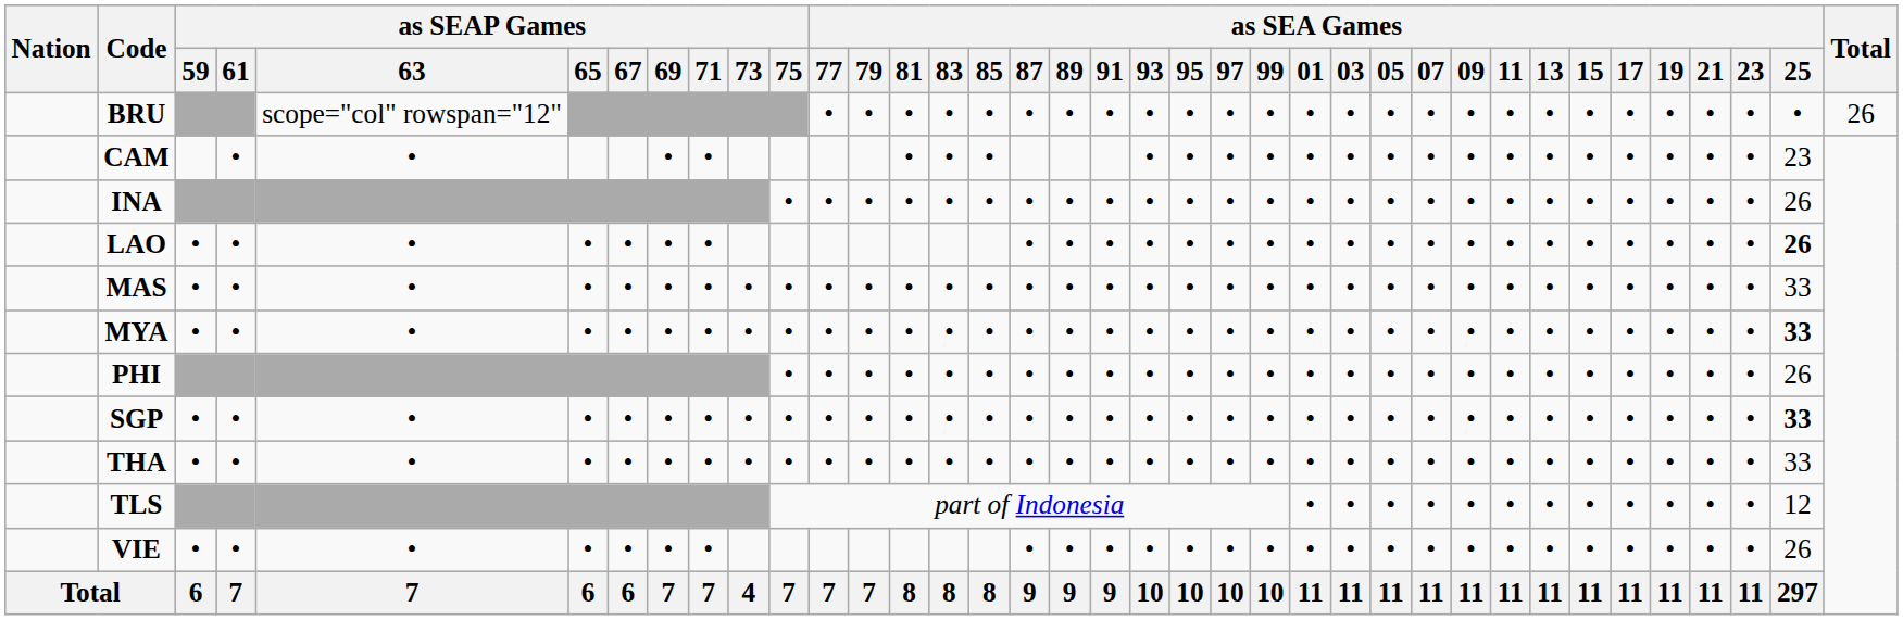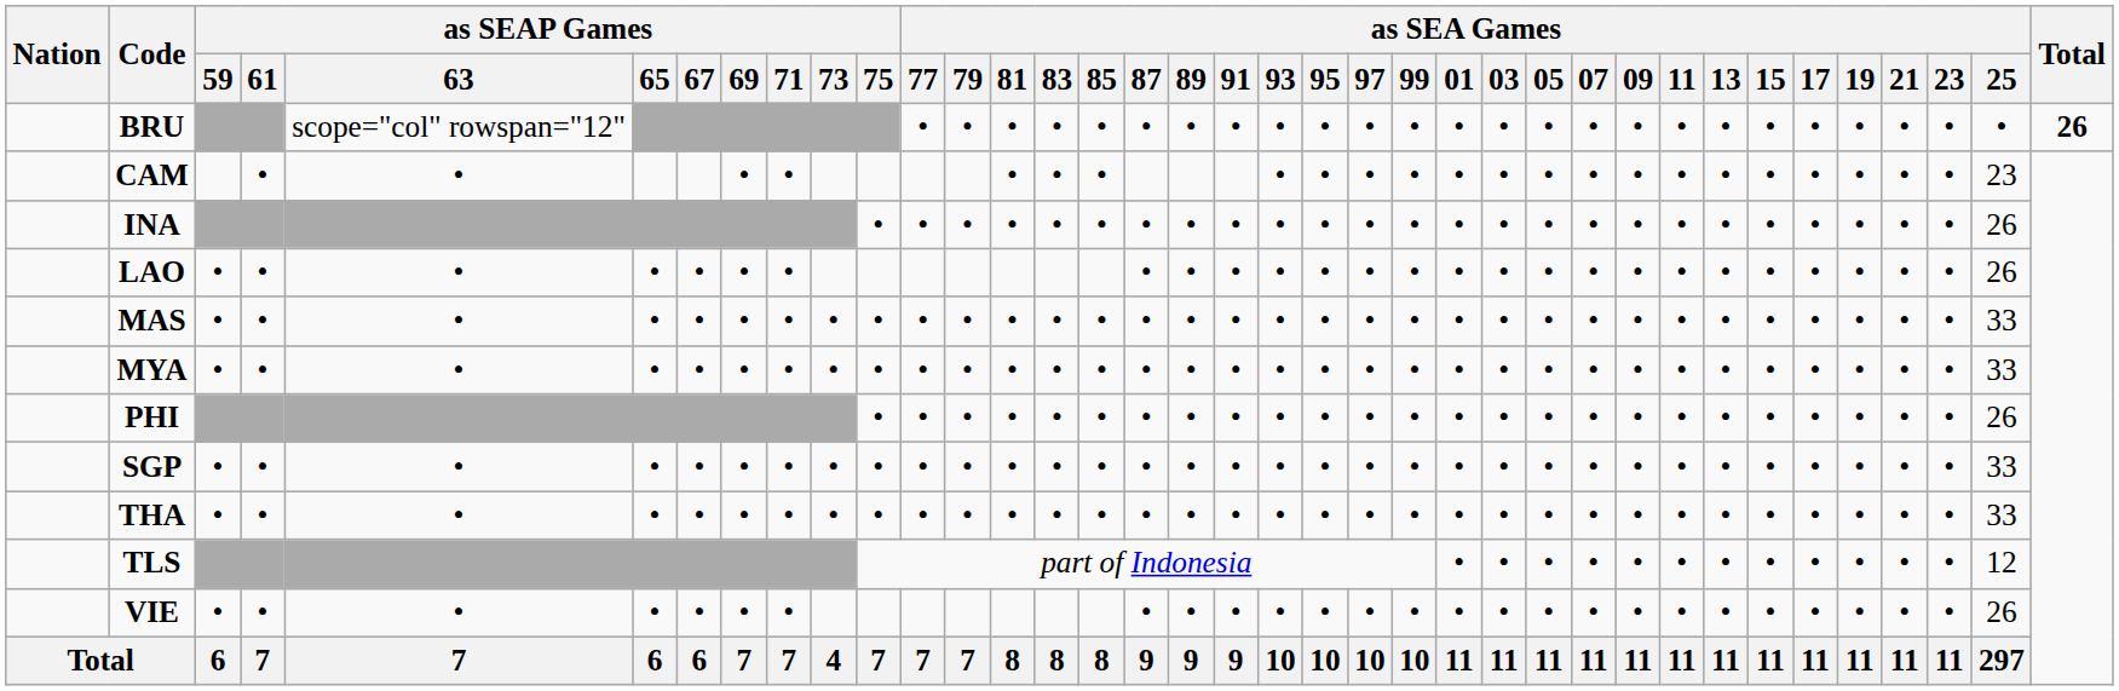 <table class="wikitable">
 <tr>
 <th rowspan="2">Nation</th>
 <th rowspan="2">Code</th>
 <th colspan= 9>as SEAP Games</th>
 <th colspan= 25>as SEA Games</th>
 <th rowspan="2">Total</th>
 </tr>
 <tr>
 <th>59</th>
 <th>61</th>
 <th>63</th>
 <th>65</th>
 <th>67</th>
 <th>69</th>
 <th>71</th>
 <th>73</th>
 <th>75</th>
 <th>77</th>
 <th>79</th>
 <th>81</th>
 <th>83</th>
 <th>85</th>
 <th>87</th>
 <th>89</th>
 <th>91</th>
 <th>93</th>
 <th>95</th>
 <th>97</th>
 <th>99</th>
 <th>01</th>
 <th>03</th>
 <th>05</th>
 <th>07</th>
 <th>09</th>
 <th>11</th>
 <th>13</th>
 <th>15</th>
 <th>17</th>
 <th>19</th>
 <th>21</th>
 <th>23</th>
 <th>25</th>
 </tr>
 <tr>
 <td></td>
 <td style="text-align: center;"><strong>BRU</strong></td>
 <td colspan=2 style="background:#aaa;"></td>
 <td>scope="col" rowspan="12" </td>
 <td colspan=6 style="background:#aaa;"></td>
 <td style="text-align: center;">•</td>
 <td style="text-align: center;">•</td>
 <td style="text-align: center;">•</td>
 <td style="text-align: center;">•</td>
 <td style="text-align: center;">•</td>
 <td style="text-align: center;">•</td>
 <td style="text-align: center;">•</td>
 <td style="text-align: center;">•</td>
 <td style="text-align: center;">•</td>
 <td style="text-align: center;">•</td>
 <td style="text-align: center;">•</td>
 <td style="text-align: center;">•</td>
 <td style="text-align: center;">•</td>
 <td style="text-align: center;">•</td>
 <td style="text-align: center;">•</td>
 <td style="text-align: center;">•</td>
 <td style="text-align: center;">•</td>
 <td style="text-align: center;">•</td>
 <td style="text-align: center;">•</td>
 <td style="text-align: center;">•</td>
 <td style="text-align: center;">•</td>
 <td style="text-align: center;">•</td>
 <td style="text-align: center;">•</td>
 <td style="text-align: center;">•</td>
 <td style="text-align: center;">•</td>
-<td style="text-align: center;">26</td>
+<td style="text-align: center;"><strong>26</strong></td>
 </tr>
 <tr>
 <td></td>
 <td style="text-align: center;"><strong>CAM</strong></td>
 <td></td>
 <td style="text-align: center;">•</td>
 <td style="text-align: center;">•</td>
 <td></td>
 <td></td>
 <td style="text-align: center;">•</td>
 <td style="text-align: center;">•</td>
 <td></td>
 <td></td>
 <td></td>
 <td></td>
 <td style="text-align: center;">•</td>
 <td style="text-align: center;">•</td>
 <td style="text-align: center;">•</td>
 <td></td>
 <td></td>
 <td></td>
 <td style="text-align: center;">•</td>
 <td style="text-align: center;">•</td>
 <td style="text-align: center;">•</td>
 <td style="text-align: center;">•</td>
 <td style="text-align: center;">•</td>
 <td style="text-align: center;">•</td>
 <td style="text-align: center;">•</td>
 <td style="text-align: center;">•</td>
 <td style="text-align: center;">•</td>
 <td style="text-align: center;">•</td>
 <td style="text-align: center;">•</td>
 <td style="text-align: center;">•</td>
 <td style="text-align: center;">•</td>
 <td style="text-align: center;">•</td>
 <td style="text-align: center;">•</td>
 <td style="text-align: center;">•</td>
 <td style="text-align: center;">23</td>
 </tr>
 <tr>
 <td></td>
 <td style="text-align: center;"><strong>INA</strong></td>
 <td colspan=2 style="background:#aaa;"></td>
 <td colspan=6 style="background:#aaa;"></td>
 <td style="text-align: center;">•</td>
 <td style="text-align: center;">•</td>
 <td style="text-align: center;">•</td>
 <td style="text-align: center;">•</td>
 <td style="text-align: center;">•</td>
 <td style="text-align: center;">•</td>
 <td style="text-align: center;">•</td>
 <td style="text-align: center;">•</td>
 <td style="text-align: center;">•</td>
 <td style="text-align: center;">•</td>
 <td style="text-align: center;">•</td>
 <td style="text-align: center;">•</td>
 <td style="text-align: center;">•</td>
 <td style="text-align: center;">•</td>
 <td style="text-align: center;">•</td>
 <td style="text-align: center;">•</td>
 <td style="text-align: center;">•</td>
 <td style="text-align: center;">•</td>
 <td style="text-align: center;">•</td>
 <td style="text-align: center;">•</td>
 <td style="text-align: center;">•</td>
 <td style="text-align: center;">•</td>
 <td style="text-align: center;">•</td>
 <td style="text-align: center;">•</td>
 <td style="text-align: center;">•</td>
 <td style="text-align: center;">26</td>
 </tr>
 <tr>
 <td></td>
 <td style="text-align: center;"><strong>LAO</strong></td>
 <td style="text-align: center;">•</td>
 <td style="text-align: center;">•</td>
 <td style="text-align: center;">•</td>
 <td style="text-align: center;">•</td>
 <td style="text-align: center;">•</td>
 <td style="text-align: center;">•</td>
 <td style="text-align: center;">•</td>
 <td></td>
 <td></td>
 <td></td>
 <td></td>
 <td></td>
 <td></td>
 <td></td>
 <td style="text-align: center;">•</td>
 <td style="text-align: center;">•</td>
 <td style="text-align: center;">•</td>
 <td style="text-align: center;">•</td>
 <td style="text-align: center;">•</td>
 <td style="text-align: center;">•</td>
 <td style="text-align: center;">•</td>
 <td style="text-align: center;">•</td>
 <td style="text-align: center;">•</td>
 <td style="text-align: center;">•</td>
 <td style="text-align: center;">•</td>
 <td style="text-align: center;">•</td>
 <td style="text-align: center;">•</td>
 <td style="text-align: center;">•</td>
 <td style="text-align: center;">•</td>
 <td style="text-align: center;">•</td>
 <td style="text-align: center;">•</td>
 <td style="text-align: center;">•</td>
 <td style="text-align: center;">•</td>
-<td style="text-align: center;"><strong>26</strong></td>
+<td style="text-align: center;">26</td>
 </tr>
 <tr>
 <td></td>
 <td style="text-align: center;"><strong>MAS</strong></td>
 <td style="text-align: center;">•</td>
 <td style="text-align: center;">•</td>
 <td style="text-align: center;">•</td>
 <td style="text-align: center;">•</td>
 <td style="text-align: center;">•</td>
 <td style="text-align: center;">•</td>
 <td style="text-align: center;">•</td>
 <td style="text-align: center;">•</td>
 <td style="text-align: center;">•</td>
 <td style="text-align: center;">•</td>
 <td style="text-align: center;">•</td>
 <td style="text-align: center;">•</td>
 <td style="text-align: center;">•</td>
 <td style="text-align: center;">•</td>
 <td style="text-align: center;">•</td>
 <td style="text-align: center;">•</td>
 <td style="text-align: center;">•</td>
 <td style="text-align: center;">•</td>
 <td style="text-align: center;">•</td>
 <td style="text-align: center;">•</td>
 <td style="text-align: center;">•</td>
 <td style="text-align: center;">•</td>
 <td style="text-align: center;">•</td>
 <td style="text-align: center;">•</td>
 <td style="text-align: center;">•</td>
 <td style="text-align: center;">•</td>
 <td style="text-align: center;">•</td>
 <td style="text-align: center;">•</td>
 <td style="text-align: center;">•</td>
 <td style="text-align: center;">•</td>
 <td style="text-align: center;">•</td>
 <td style="text-align: center;">•</td>
 <td style="text-align: center;">•</td>
 <td style="text-align: center;">33</td>
 </tr>
 <tr>
 <td></td>
 <td style="text-align: center;"><strong>MYA</strong></td>
 <td style="text-align: center;">•</td>
 <td style="text-align: center;">•</td>
 <td style="text-align: center;">•</td>
 <td style="text-align: center;">•</td>
 <td style="text-align: center;">•</td>
 <td style="text-align: center;">•</td>
 <td style="text-align: center;">•</td>
 <td style="text-align: center;">•</td>
 <td style="text-align: center;">•</td>
 <td style="text-align: center;">•</td>
 <td style="text-align: center;">•</td>
 <td style="text-align: center;">•</td>
 <td style="text-align: center;">•</td>
 <td style="text-align: center;">•</td>
 <td style="text-align: center;">•</td>
 <td style="text-align: center;">•</td>
 <td style="text-align: center;">•</td>
 <td style="text-align: center;">•</td>
 <td style="text-align: center;">•</td>
 <td style="text-align: center;">•</td>
 <td style="text-align: center;">•</td>
 <td style="text-align: center;">•</td>
 <td style="text-align: center;">•</td>
 <td style="text-align: center;">•</td>
 <td style="text-align: center;">•</td>
 <td style="text-align: center;">•</td>
 <td style="text-align: center;">•</td>
 <td style="text-align: center;">•</td>
 <td style="text-align: center;">•</td>
 <td style="text-align: center;">•</td>
 <td style="text-align: center;">•</td>
 <td style="text-align: center;">•</td>
 <td style="text-align: center;">•</td>
-<td style="text-align: center;"><strong>33</strong></td>
+<td style="text-align: center;">33</td>
 </tr>
 <tr>
 <td></td>
 <td style="text-align: center;"><strong>PHI</strong></td>
 <td colspan=2 style="background:#aaa;"></td>
 <td colspan=6 style="background:#aaa;"></td>
 <td style="text-align: center;">•</td>
 <td style="text-align: center;">•</td>
 <td style="text-align: center;">•</td>
 <td style="text-align: center;">•</td>
 <td style="text-align: center;">•</td>
 <td style="text-align: center;">•</td>
 <td style="text-align: center;">•</td>
 <td style="text-align: center;">•</td>
 <td style="text-align: center;">•</td>
 <td style="text-align: center;">•</td>
 <td style="text-align: center;">•</td>
 <td style="text-align: center;">•</td>
 <td style="text-align: center;">•</td>
 <td style="text-align: center;">•</td>
 <td style="text-align: center;">•</td>
 <td style="text-align: center;">•</td>
 <td style="text-align: center;">•</td>
 <td style="text-align: center;">•</td>
 <td style="text-align: center;">•</td>
 <td style="text-align: center;">•</td>
 <td style="text-align: center;">•</td>
 <td style="text-align: center;">•</td>
 <td style="text-align: center;">•</td>
 <td style="text-align: center;">•</td>
 <td style="text-align: center;">•</td>
 <td style="text-align: center;">26</td>
 </tr>
 <tr>
 <td></td>
 <td style="text-align: center;"><strong>SGP</strong></td>
 <td style="text-align: center;">•</td>
 <td style="text-align: center;">•</td>
 <td style="text-align: center;">•</td>
 <td style="text-align: center;">•</td>
 <td style="text-align: center;">•</td>
 <td style="text-align: center;">•</td>
 <td style="text-align: center;">•</td>
 <td style="text-align: center;">•</td>
 <td style="text-align: center;">•</td>
 <td style="text-align: center;">•</td>
 <td style="text-align: center;">•</td>
 <td style="text-align: center;">•</td>
 <td style="text-align: center;">•</td>
 <td style="text-align: center;">•</td>
 <td style="text-align: center;">•</td>
 <td style="text-align: center;">•</td>
 <td style="text-align: center;">•</td>
 <td style="text-align: center;">•</td>
 <td style="text-align: center;">•</td>
 <td style="text-align: center;">•</td>
 <td style="text-align: center;">•</td>
 <td style="text-align: center;">•</td>
 <td style="text-align: center;">•</td>
 <td style="text-align: center;">•</td>
 <td style="text-align: center;">•</td>
 <td style="text-align: center;">•</td>
 <td style="text-align: center;">•</td>
 <td style="text-align: center;">•</td>
 <td style="text-align: center;">•</td>
 <td style="text-align: center;">•</td>
 <td style="text-align: center;">•</td>
 <td style="text-align: center;">•</td>
 <td style="text-align: center;">•</td>
-<td style="text-align: center;"><strong>33</strong></td>
+<td style="text-align: center;">33</td>
 </tr>
 <tr>
 <td></td>
 <td style="text-align: center;"><strong>THA</strong></td>
 <td style="text-align: center;">•</td>
 <td style="text-align: center;">•</td>
 <td style="text-align: center;">•</td>
 <td style="text-align: center;">•</td>
 <td style="text-align: center;">•</td>
 <td style="text-align: center;">•</td>
 <td style="text-align: center;">•</td>
 <td style="text-align: center;">•</td>
 <td style="text-align: center;">•</td>
 <td style="text-align: center;">•</td>
 <td style="text-align: center;">•</td>
 <td style="text-align: center;">•</td>
 <td style="text-align: center;">•</td>
 <td style="text-align: center;">•</td>
 <td style="text-align: center;">•</td>
 <td style="text-align: center;">•</td>
 <td style="text-align: center;">•</td>
 <td style="text-align: center;">•</td>
 <td style="text-align: center;">•</td>
 <td style="text-align: center;">•</td>
 <td style="text-align: center;">•</td>
 <td style="text-align: center;">•</td>
 <td style="text-align: center;">•</td>
 <td style="text-align: center;">•</td>
 <td style="text-align: center;">•</td>
 <td style="text-align: center;">•</td>
 <td style="text-align: center;">•</td>
 <td style="text-align: center;">•</td>
 <td style="text-align: center;">•</td>
 <td style="text-align: center;">•</td>
 <td style="text-align: center;">•</td>
 <td style="text-align: center;">•</td>
 <td style="text-align: center;">•</td>
 <td style="text-align: center;">33</td>
 </tr>
 <tr>
 <td></td>
 <td style="text-align: center;"><strong>TLS</strong></td>
 <td colspan=2 style="background:#aaa;"></td>
 <td colspan=6 style="background:#aaa;"></td>
 <td colspan="13" style="text-align: center;"><em>part of   <a href='#'>Indonesia</a></em></td>
 <td style="text-align: center;">•</td>
 <td style="text-align: center;">•</td>
 <td style="text-align: center;">•</td>
 <td style="text-align: center;">•</td>
 <td style="text-align: center;">•</td>
 <td style="text-align: center;">•</td>
 <td style="text-align: center;">•</td>
 <td style="text-align: center;">•</td>
 <td style="text-align: center;">•</td>
 <td style="text-align: center;">•</td>
 <td style="text-align: center;">•</td>
 <td style="text-align: center;">•</td>
 <td style="text-align: center;">12</td>
 </tr>
 <tr>
 <td></td>
 <td style="text-align: center;"><strong>VIE</strong></td>
 <td style="text-align: center;">•</td>
 <td style="text-align: center;">•</td>
 <td style="text-align: center;">•</td>
 <td style="text-align: center;">•</td>
 <td style="text-align: center;">•</td>
 <td style="text-align: center;">•</td>
 <td style="text-align: center;">•</td>
 <td></td>
 <td></td>
 <td></td>
 <td></td>
 <td></td>
 <td></td>
 <td></td>
 <td style="text-align: center;">•</td>
 <td style="text-align: center;">•</td>
 <td style="text-align: center;">•</td>
 <td style="text-align: center;">•</td>
 <td style="text-align: center;">•</td>
 <td style="text-align: center;">•</td>
 <td style="text-align: center;">•</td>
 <td style="text-align: center;">•</td>
 <td style="text-align: center;">•</td>
 <td style="text-align: center;">•</td>
 <td style="text-align: center;">•</td>
 <td style="text-align: center;">•</td>
 <td style="text-align: center;">•</td>
 <td style="text-align: center;">•</td>
 <td style="text-align: center;">•</td>
 <td style="text-align: center;">•</td>
 <td style="text-align: center;">•</td>
 <td style="text-align: center;">•</td>
 <td style="text-align: center;">•</td>
 <td style="text-align: center;">26</td>
 </tr>
 <tr>
 <th colspan=2 style="text-align: center;">Total</th>
 <th>6</th>
 <th>7</th>
 <th>7</th>
 <th>6</th>
 <th>6</th>
 <th>7</th>
 <th>7</th>
 <th>4</th>
 <th>7</th>
 <th>7</th>
 <th>7</th>
 <th>8</th>
 <th>8</th>
 <th>8</th>
 <th>9</th>
 <th>9</th>
 <th>9</th>
 <th>10</th>
 <th>10</th>
 <th>10</th>
 <th>10</th>
 <th>11</th>
 <th>11</th>
 <th>11</th>
 <th>11</th>
 <th>11</th>
 <th>11</th>
 <th>11</th>
 <th>11</th>
 <th>11</th>
 <th>11</th>
 <th>11</th>
 <th>11</th>
 <th>297</th>
 </tr>
 </table>
